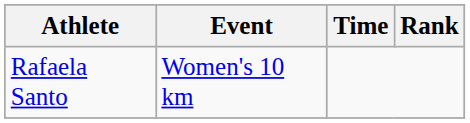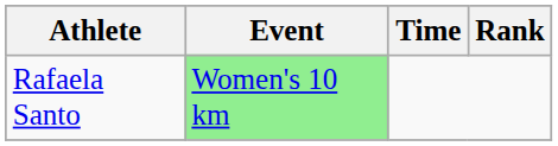 <table class="wikitable" style="text-align:center; font-size:90%; width:30%;">
 <tr>
 <th>Athlete</th>
 <th>Event</th>
 <th>Time</th>
 <th>Rank</th>
 </tr>
 <tr>
 <td align=left><a href='#'>Rafaela Santo</a></td>
-<td align=left><a href='#'>Women's 10 km</a></td>
+<td align=left style="background: lightgreen;"><a href='#'>Women's 10 km</a></td>
 <td colspan=2></td>
 </tr>
 </table>
